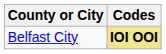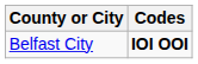 <table class="wikitable">
 <tr>
 <th>County or City</th>
 <th>Codes</th>
 </tr>
 <tr>
 <td><a href='#'>Belfast City</a></td>
-<td style="background: khaki;"><strong>IOI</strong> <strong>OOI</strong></td>
+<td><strong>IOI</strong> <strong>OOI</strong></td>
 </tr>
 </table>
